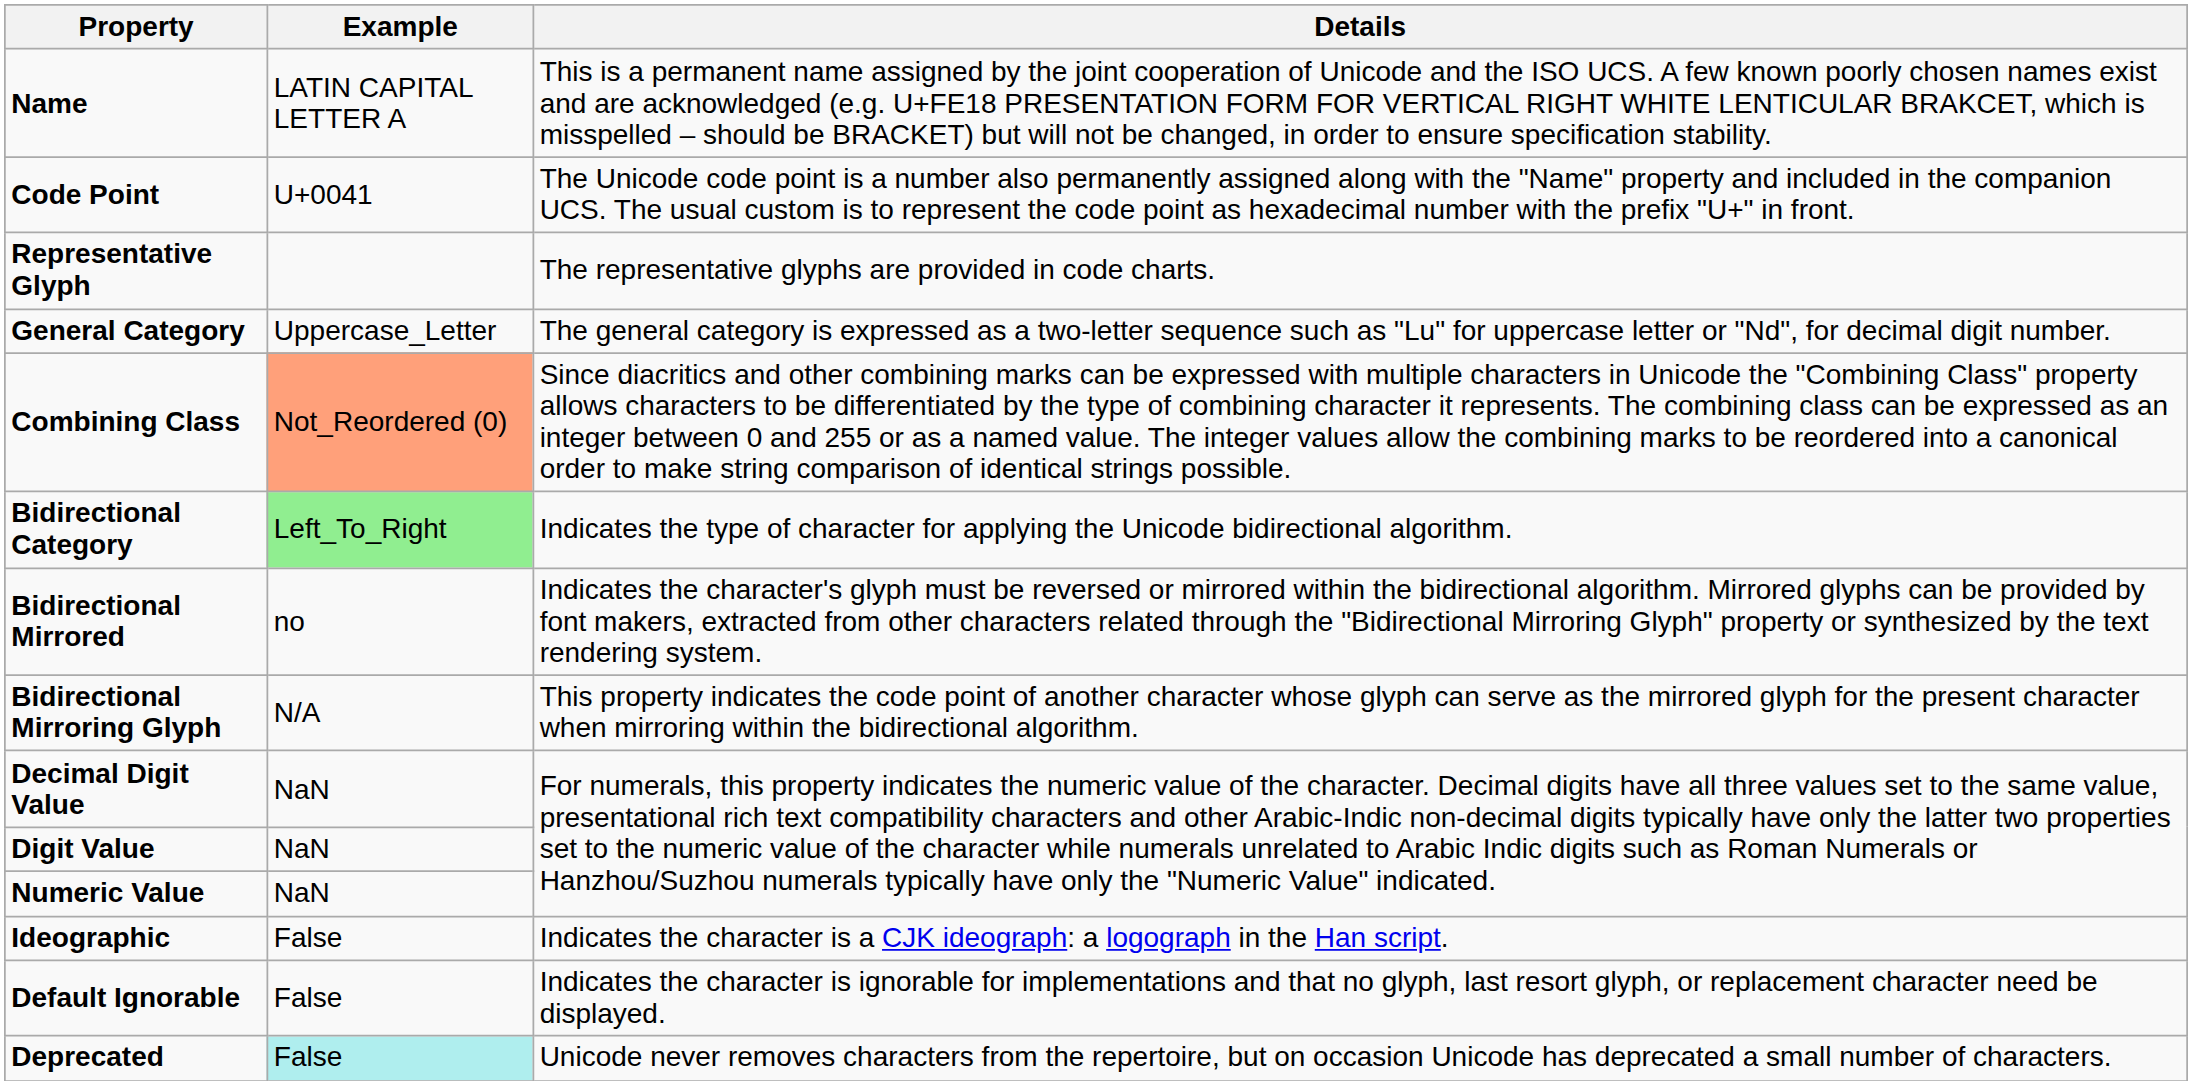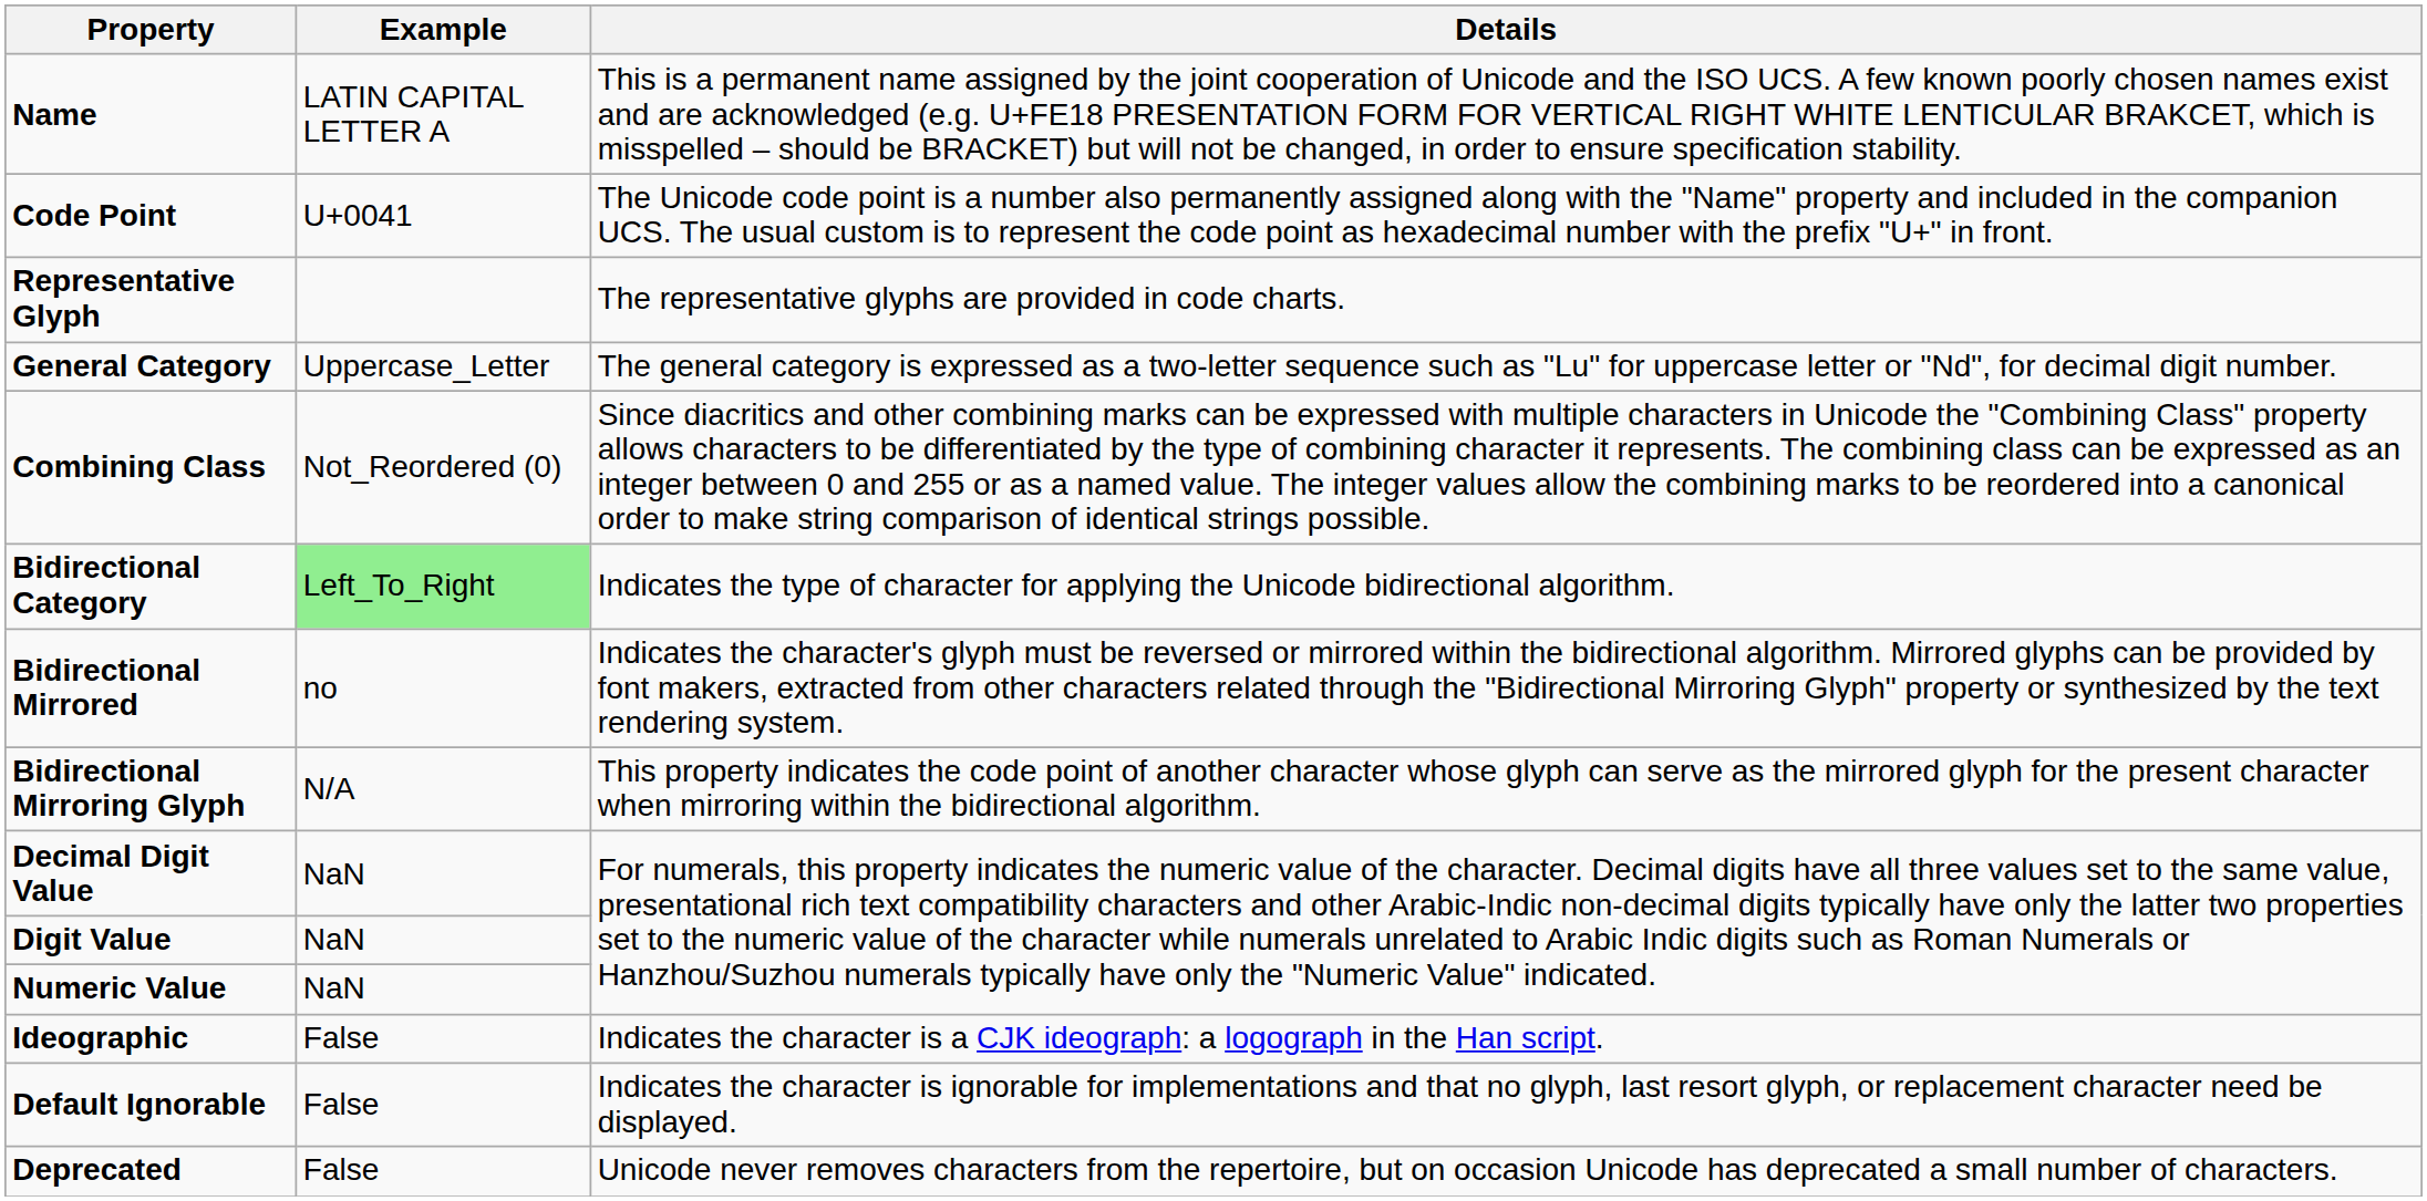 <table class="wikitable">
 <tr>
 <th>Property</th>
 <th>Example</th>
 <th>Details</th>
 </tr>
 <tr>
 <td><strong>Name</strong></td>
 <td>LATIN CAPITAL LETTER A</td>
 <td>This is a permanent name assigned by the joint cooperation of Unicode and the ISO UCS. A few known poorly chosen names exist and are acknowledged (e.g. U+FE18 PRESENTATION FORM FOR VERTICAL RIGHT WHITE LENTICULAR BRAKCET, which is misspelled – should be BRACKET) but will not be changed, in order to ensure specification stability.</td>
 </tr>
 <tr>
 <td><strong>Code Point</strong></td>
 <td>U+0041</td>
 <td>The Unicode code point is a number also permanently assigned along with the "Name" property and included in the companion UCS. The usual custom is to represent the code point as hexadecimal number with the prefix "U+" in front.</td>
 </tr>
 <tr>
 <td><strong>Representative Glyph</strong></td>
 <td></td>
 <td>The representative glyphs are provided in code charts.</td>
 </tr>
 <tr>
 <td><strong>General Category</strong></td>
 <td>Uppercase_Letter</td>
 <td>The general category is expressed as a two-letter sequence such as "Lu" for uppercase letter or "Nd", for decimal digit number.</td>
 </tr>
 <tr>
 <td><strong>Combining Class</strong></td>
-<td style="background: lightsalmon;">Not_Reordered (0)</td>
+<td>Not_Reordered (0)</td>
 <td>Since diacritics and other combining marks can be expressed with multiple characters in Unicode the "Combining Class" property allows characters to be differentiated by the type of combining character it represents. The combining class can be expressed as an integer between 0 and 255 or as a named value. The integer values allow the combining marks to be reordered into a canonical order to make string comparison of identical strings possible.</td>
 </tr>
 <tr>
 <td><strong>Bidirectional Category</strong></td>
 <td style="background: lightgreen;">Left_To_Right</td>
 <td>Indicates the type of character for applying the Unicode bidirectional algorithm.</td>
 </tr>
 <tr>
 <td><strong>Bidirectional Mirrored</strong></td>
 <td>no</td>
 <td>Indicates the character's glyph must be reversed or mirrored within the bidirectional algorithm. Mirrored glyphs can be provided by font makers, extracted from other characters related through the "Bidirectional Mirroring Glyph" property or synthesized by the text rendering system.</td>
 </tr>
 <tr>
 <td><strong>Bidirectional Mirroring Glyph</strong></td>
 <td>N/A</td>
 <td>This property indicates the code point of another character whose glyph can serve as the mirrored glyph for the present character when mirroring within the bidirectional algorithm.</td>
 </tr>
 <tr>
 <td><strong>Decimal Digit Value</strong></td>
 <td>NaN</td>
 <td rowspan="3">For numerals, this property indicates the numeric value of the character. Decimal digits have all three values set to the same value, presentational rich text compatibility characters and other Arabic-Indic non-decimal digits typically have only the latter two properties set to the numeric value of the character while numerals unrelated to Arabic Indic digits such as Roman Numerals or Hanzhou/Suzhou numerals typically have only the "Numeric Value" indicated.</td>
 </tr>
 <tr>
 <td><strong>Digit Value</strong></td>
 <td>NaN</td>
 </tr>
 <tr>
 <td><strong>Numeric Value</strong></td>
 <td>NaN</td>
 </tr>
 <tr>
 <td><strong>Ideographic</strong></td>
 <td>False</td>
 <td>Indicates the character is a <a href='#'>CJK ideograph</a>: a <a href='#'>logograph</a> in the <a href='#'>Han script</a>.</td>
 </tr>
 <tr>
 <td><strong>Default Ignorable</strong></td>
 <td>False</td>
 <td>Indicates the character is ignorable for implementations and that no glyph, last resort glyph, or replacement character need be displayed.</td>
 </tr>
 <tr>
 <td><strong>Deprecated</strong></td>
-<td style="background: paleturquoise;">False</td>
+<td>False</td>
 <td>Unicode never removes characters from the repertoire, but on occasion Unicode has deprecated a small number of characters.</td>
 </tr>
 </table>
